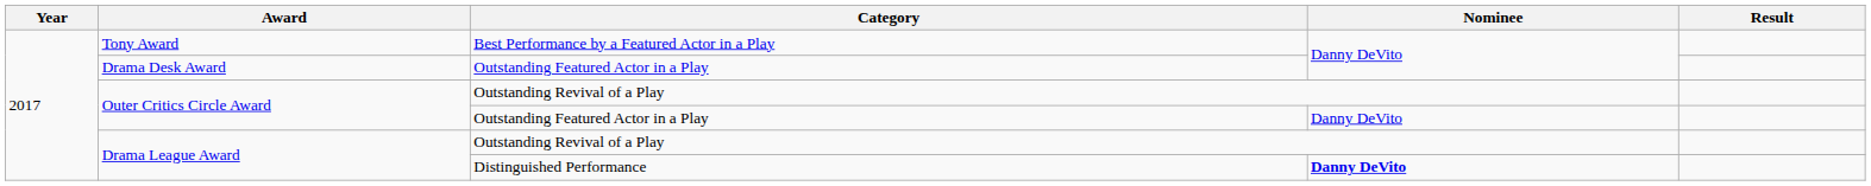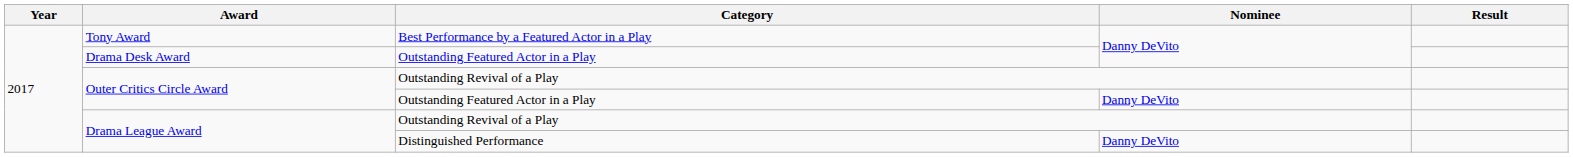 <table class="wikitable" style="width:95%;">
 <tr>
 <th style="width:5%;">Year</th>
 <th style="width:20%;">Award</th>
 <th style="width:45%;">Category</th>
 <th style="width:20%;">Nominee</th>
 <th style="width:10%;">Result</th>
 </tr>
 <tr>
 <td rowspan=6>2017</td>
 <td><a href='#'>Tony Award</a></td>
 <td><a href='#'>Best Performance by a Featured Actor in a Play</a></td>
 <td rowspan=2><a href='#'>Danny DeVito</a></td>
 <td></td>
 </tr>
 <tr>
 <td><a href='#'>Drama Desk Award</a></td>
 <td><a href='#'>Outstanding Featured Actor in a Play</a></td>
 <td></td>
 </tr>
 <tr>
 <td rowspan=2><a href='#'>Outer Critics Circle Award</a></td>
 <td colspan=2>Outstanding Revival of a Play</td>
 <td></td>
 </tr>
 <tr>
 <td>Outstanding Featured Actor in a Play</td>
 <td><a href='#'>Danny DeVito</a></td>
 <td></td>
 </tr>
 <tr>
 <td rowspan=2><a href='#'>Drama League Award</a></td>
 <td colspan=2>Outstanding Revival of a Play</td>
 <td></td>
 </tr>
 <tr>
 <td>Distinguished Performance</td>
-<td><strong><a href='#'>Danny DeVito</a></strong></td>
+<td><a href='#'>Danny DeVito</a></td>
 <td></td>
 </tr>
 </table>
